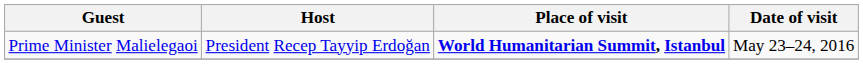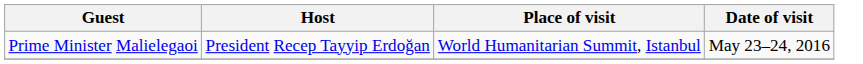 <table class="wikitable" border="1">
 <tr>
 <th>Guest</th>
 <th>Host</th>
 <th>Place of visit</th>
 <th>Date of visit</th>
 </tr>
 <tr>
 <td> <a href='#'>Prime Minister</a> <a href='#'>Malielegaoi</a></td>
 <td> <a href='#'>President</a> <a href='#'>Recep Tayyip Erdoğan</a></td>
-<td><strong><a href='#'>World Humanitarian Summit</a>, <a href='#'>Istanbul</a></strong></td>
+<td><a href='#'>World Humanitarian Summit</a>, <a href='#'>Istanbul</a></td>
 <td>May 23–24, 2016</td>
 </tr>
 <tr>
 </tr>
 </table>
